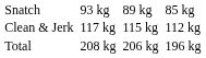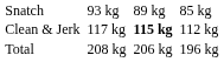 <table>
 <tr>
 <td>Snatch</td>
 <td></td>
 <td>93 kg</td>
 <td></td>
 <td>89 kg</td>
 <td></td>
 <td>85 kg</td>
 </tr>
 <tr>
 <td>Clean & Jerk</td>
 <td></td>
 <td>117 kg</td>
 <td></td>
-<td>115 kg</td>
+<td><strong>115 kg</strong></td>
 <td></td>
 <td>112 kg</td>
 </tr>
 <tr>
 <td>Total</td>
 <td></td>
 <td>208 kg</td>
 <td></td>
 <td>206 kg</td>
 <td></td>
 <td>196 kg</td>
 </tr>
 </table>
